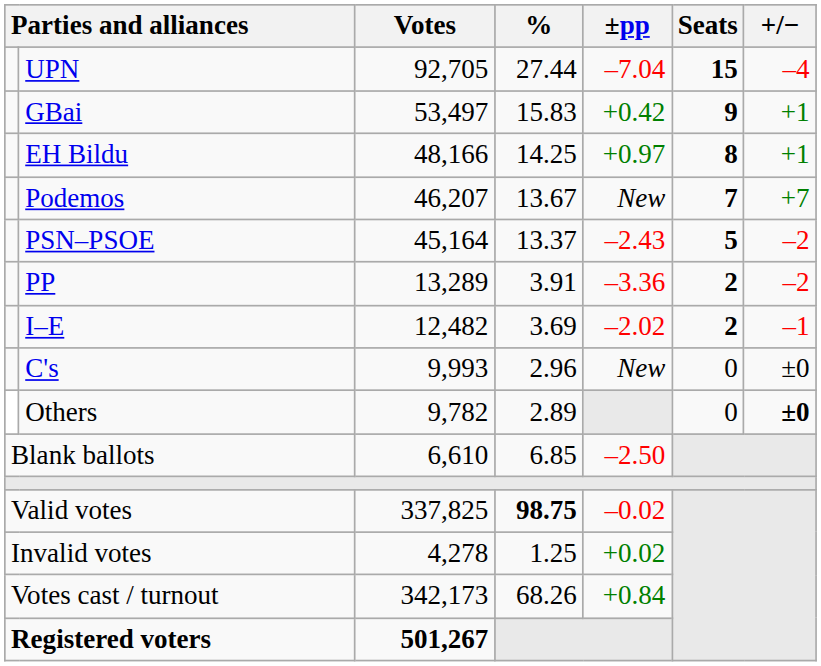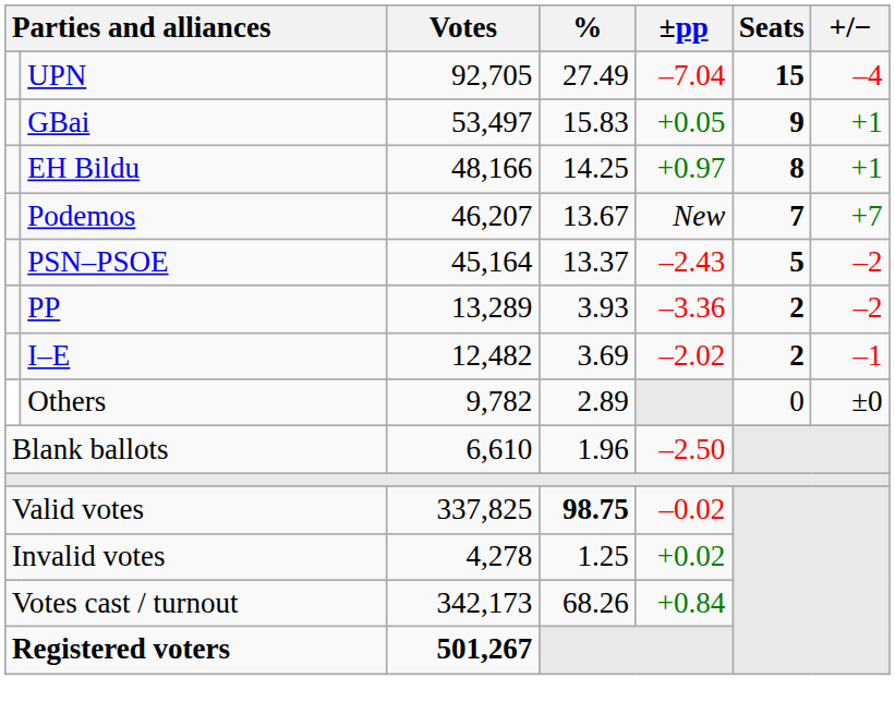 <table class="wikitable" style="text-align:right;">
 <tr>
 <th style="text-align:left;" colspan="2" width="200">Parties and alliances</th>
 <th width="75">Votes</th>
 <th width="45">%</th>
 <th width="45">±<a href='#'>pp</a></th>
 <th width="35">Seats</th>
 <th width="35">+/−</th>
 </tr>
 <tr>
 <td width="1" style="color:inherit;background:"></td>
 <td align="left"><a href='#'>UPN</a></td>
 <td>92,705</td>
-<td>27.44</td>
+<td>27.49</td>
 <td style="color:red;">–7.04</td>
 <td><strong>15</strong></td>
 <td style="color:red;">–4</td>
 </tr>
 <tr>
 <td style="color:inherit;background:"></td>
 <td align="left"><a href='#'>GBai</a></td>
 <td>53,497</td>
 <td>15.83</td>
-<td style="color:green;">+0.42</td>
+<td style="color:green;">+0.05</td>
 <td><strong>9</strong></td>
 <td style="color:green;">+1</td>
 </tr>
 <tr>
 <td style="color:inherit;background:"></td>
 <td align="left"><a href='#'>EH Bildu</a></td>
 <td>48,166</td>
 <td>14.25</td>
 <td style="color:green;">+0.97</td>
 <td><strong>8</strong></td>
 <td style="color:green;">+1</td>
 </tr>
 <tr>
 <td style="color:inherit;background:"></td>
 <td align="left"><a href='#'>Podemos</a></td>
 <td>46,207</td>
 <td>13.67</td>
 <td><em>New</em></td>
 <td><strong>7</strong></td>
 <td style="color:green;">+7</td>
 </tr>
 <tr>
 <td style="color:inherit;background:"></td>
 <td align="left"><a href='#'>PSN–PSOE</a></td>
 <td>45,164</td>
 <td>13.37</td>
 <td style="color:red;">–2.43</td>
 <td><strong>5</strong></td>
 <td style="color:red;">–2</td>
 </tr>
 <tr>
 <td style="color:inherit;background:"></td>
 <td align="left"><a href='#'>PP</a></td>
 <td>13,289</td>
-<td>3.91</td>
+<td>3.93</td>
 <td style="color:red;">–3.36</td>
 <td><strong>2</strong></td>
 <td style="color:red;">–2</td>
 </tr>
 <tr>
 <td style="color:inherit;background:"></td>
 <td align="left"><a href='#'>I–E</a></td>
 <td>12,482</td>
 <td>3.69</td>
 <td style="color:red;">–2.02</td>
 <td><strong>2</strong></td>
 <td style="color:red;">–1</td>
 </tr>
 <tr>
-<td style="color:inherit;background:"></td>
-<td align="left"><a href='#'>C's</a></td>
-<td>9,993</td>
-<td>2.96</td>
-<td><em>New</em></td>
-<td>0</td>
-<td>±0</td>
-</tr>
-<tr>
 <td bgcolor="white"></td>
 <td align="left">Others</td>
 <td>9,782</td>
 <td>2.89</td>
 <td bgcolor="#E9E9E9"></td>
 <td>0</td>
-<td><strong>±0</strong></td>
+<td>±0</td>
 </tr>
 <tr>
 <td align="left" colspan="2">Blank ballots</td>
 <td>6,610</td>
-<td>6.85</td>
+<td>1.96</td>
 <td style="color:red;">–2.50</td>
 <td bgcolor="#E9E9E9" colspan="2"></td>
 </tr>
 <tr>
 <td colspan="7" bgcolor="#E9E9E9"></td>
 </tr>
 <tr>
 <td align="left" colspan="2">Valid votes</td>
 <td>337,825</td>
 <td><strong>98.75</strong></td>
 <td style="color:red;">–0.02</td>
 <td bgcolor="#E9E9E9" colspan="2" rowspan="4"></td>
 </tr>
 <tr>
 <td align="left" colspan="2">Invalid votes</td>
 <td>4,278</td>
 <td>1.25</td>
 <td style="color:green;">+0.02</td>
 </tr>
 <tr>
 <td align="left" colspan="2">Votes cast / turnout</td>
 <td>342,173</td>
 <td>68.26</td>
 <td style="color:green;">+0.84</td>
 </tr>
 <tr style="font-weight:bold;">
 <td align="left" colspan="2">Registered voters</td>
 <td>501,267</td>
 <td bgcolor="#E9E9E9" colspan="2"></td>
 </tr>
 </table>
